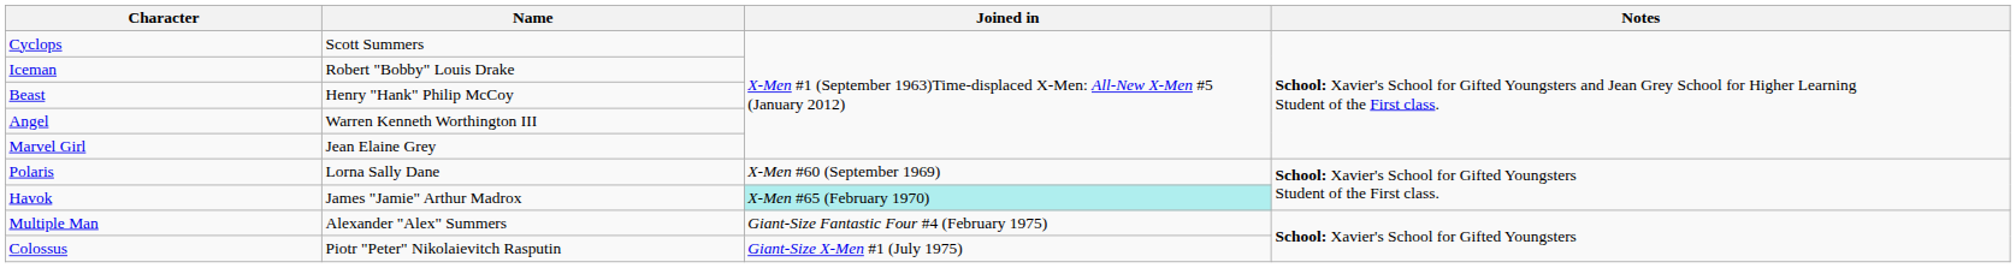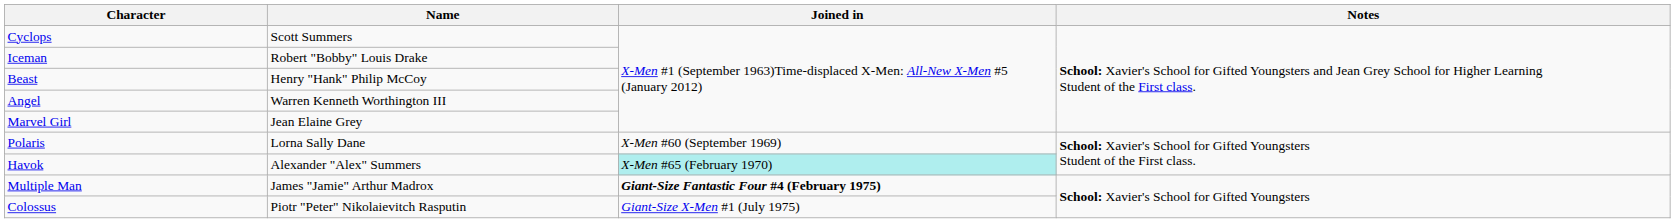 <table class="wikitable sortable" style="width:100%;">
 <tr>
 <th style="width:15%;">Character</th>
 <th style="width:20%;">Name</th>
 <th style="width:25%;">Joined in</th>
 <th style="width:35%;">Notes</th>
 </tr>
 <tr>
 <td><a href='#'>Cyclops</a></td>
 <td>Scott Summers</td>
 <td rowspan=5><em><a href='#'>X-Men</a></em> #1 (September 1963)Time-displaced X-Men: <em><a href='#'>All-New X-Men</a></em> #5 (January 2012)</td>
 <td rowspan=5><strong>School:</strong> Xavier's School for Gifted Youngsters and Jean Grey School for Higher Learning<br>Student of the <a href='#'>First class</a>.</td>
 </tr>
 <tr>
 <td><a href='#'>Iceman</a></td>
 <td>Robert "Bobby" Louis Drake</td>
 </tr>
 <tr>
 <td><a href='#'>Beast</a></td>
 <td>Henry "Hank" Philip McCoy</td>
 </tr>
 <tr>
 <td><a href='#'>Angel</a></td>
 <td>Warren Kenneth Worthington III</td>
 </tr>
 <tr>
 <td><a href='#'>Marvel Girl</a></td>
 <td>Jean Elaine Grey</td>
 </tr>
 <tr>
 <td><a href='#'>Polaris</a></td>
 <td>Lorna Sally Dane</td>
 <td><em>X-Men</em> #60 (September 1969)</td>
 <td rowspan=2><strong>School:</strong> Xavier's School for Gifted Youngsters<br>Student of the First class.</td>
 </tr>
 <tr>
 <td><a href='#'>Havok</a></td>
-<td>James "Jamie" Arthur Madrox</td>
+<td>Alexander "Alex" Summers</td>
 <td style="background: paleturquoise;"><em>X-Men</em> #65 (February 1970)</td>
 </tr>
 <tr>
 <td><a href='#'>Multiple Man</a></td>
-<td>Alexander "Alex" Summers</td>
-<td><em>Giant-Size Fantastic Four</em> #4 (February 1975)</td>
+<td>James "Jamie" Arthur Madrox</td>
+<td><strong><em>Giant-Size Fantastic Four</em> #4 (February 1975)</strong></td>
 <td rowspan=2><strong>School:</strong> Xavier's School for Gifted Youngsters</td>
 </tr>
 <tr>
 <td><a href='#'>Colossus</a></td>
 <td>Piotr "Peter" Nikolaievitch Rasputin</td>
 <td><em><a href='#'>Giant-Size X-Men</a></em> #1 (July 1975)</td>
 </tr>
 </table>
